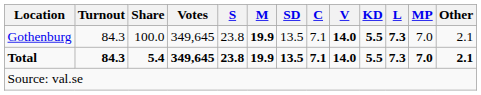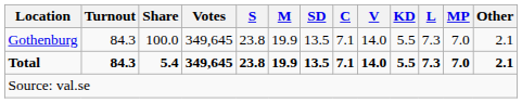 <table class="wikitable sortable" style=text-align:right>
 <tr>
 <th>Location</th>
 <th>Turnout</th>
 <th>Share</th>
 <th>Votes</th>
 <th><a href='#'>S</a></th>
 <th><a href='#'>M</a></th>
 <th><a href='#'>SD</a></th>
 <th><a href='#'>C</a></th>
 <th><a href='#'>V</a></th>
 <th><a href='#'>KD</a></th>
 <th><a href='#'>L</a></th>
 <th><a href='#'>MP</a></th>
 <th>Other</th>
 </tr>
 <tr>
 <td align=left><a href='#'>Gothenburg</a></td>
 <td>84.3</td>
 <td>100.0</td>
 <td>349,645</td>
 <td>23.8</td>
-<td><strong>19.9</strong></td>
+<td>19.9</td>
 <td>13.5</td>
 <td>7.1</td>
-<td><strong>14.0</strong></td>
-<td><strong>5.5</strong></td>
-<td><strong>7.3</strong></td>
+<td>14.0</td>
+<td>5.5</td>
+<td>7.3</td>
 <td>7.0</td>
 <td>2.1</td>
 </tr>
 <tr>
 <td align=left><strong>Total</strong></td>
 <td><strong>84.3</strong></td>
 <td><strong>5.4</strong></td>
 <td><strong>349,645</strong></td>
 <td><strong>23.8</strong></td>
 <td><strong>19.9</strong></td>
 <td><strong>13.5</strong></td>
 <td><strong>7.1</strong></td>
 <td><strong>14.0</strong></td>
 <td><strong>5.5</strong></td>
 <td><strong>7.3</strong></td>
 <td><strong>7.0</strong></td>
 <td><strong>2.1</strong></td>
 </tr>
 <tr>
 <td align=left colspan=13>Source: val.se</td>
 </tr>
 </table>
